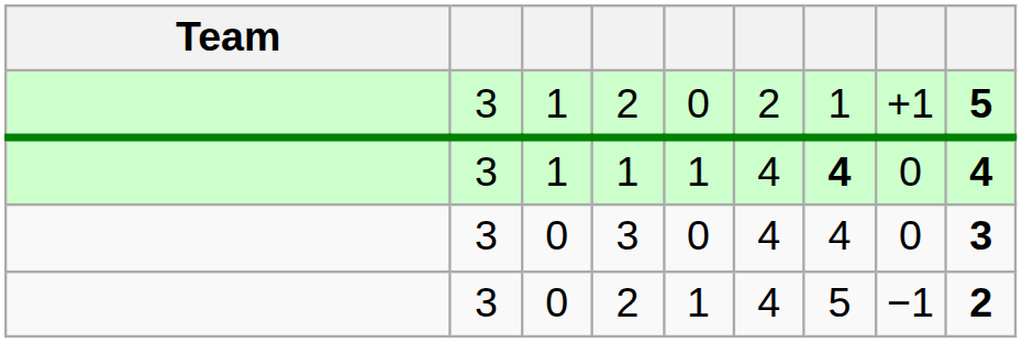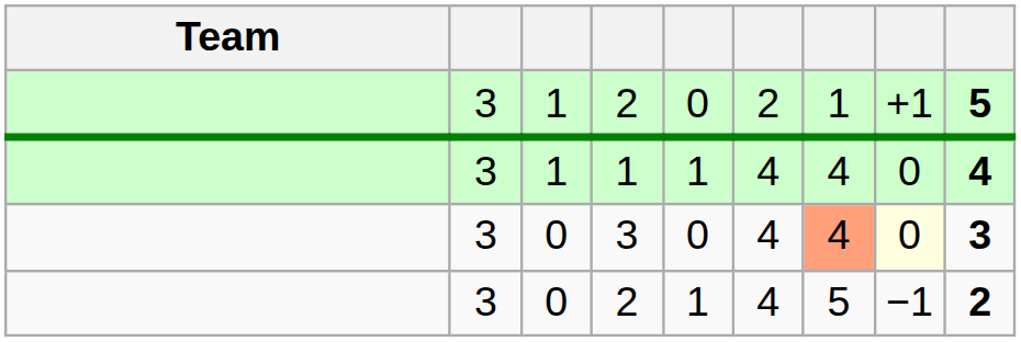 <table class="wikitable" style="text-align: center;">
 <tr>
 <th width="165">Team</th>
 <th width="20"></th>
 <th width="20"></th>
 <th width="20"></th>
 <th width="20"></th>
 <th width="20"></th>
 <th width="20"></th>
 <th width="20"></th>
 <th width="20"></th>
 </tr>
 <tr bgcolor=ccffcc>
 <td align=left></td>
 <td>3</td>
 <td>1</td>
 <td>2</td>
 <td>0</td>
 <td>2</td>
 <td>1</td>
 <td>+1</td>
 <td><strong>5</strong></td>
 </tr>
 <tr style="border-bottom:3px solid green;">
 </tr>
 <tr bgcolor=ccffcc>
 <td align=left></td>
 <td>3</td>
 <td>1</td>
 <td>1</td>
 <td>1</td>
 <td>4</td>
-<td><strong>4</strong></td>
+<td>4</td>
 <td>0</td>
 <td><strong>4</strong></td>
 </tr>
 <tr>
 <td align=left></td>
 <td>3</td>
 <td>0</td>
 <td>3</td>
 <td>0</td>
 <td>4</td>
-<td>4</td>
-<td>0</td>
+<td style="background: lightsalmon;">4</td>
+<td style="background: lightyellow;">0</td>
 <td><strong>3</strong></td>
 </tr>
 <tr>
 <td align=left></td>
 <td>3</td>
 <td>0</td>
 <td>2</td>
 <td>1</td>
 <td>4</td>
 <td>5</td>
 <td>−1</td>
 <td><strong>2</strong></td>
 </tr>
 </table>
